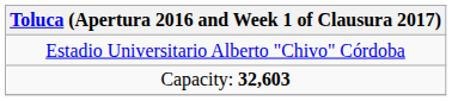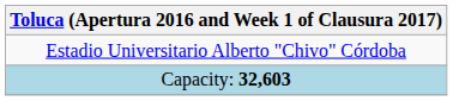 <table class="wikitable" style="text-align:center">
 <tr>
 <th><a href='#'>Toluca</a> (Apertura 2016 and Week 1 of Clausura 2017)</th>
 </tr>
 <tr>
 <td><a href='#'>Estadio Universitario Alberto "Chivo" Córdoba</a></td>
 </tr>
 <tr>
-<td>Capacity: <strong>32,603</strong></td>
+<td style="background: lightblue;">Capacity: <strong>32,603</strong></td>
 </tr>
 <tr>
 </tr>
 </table>
